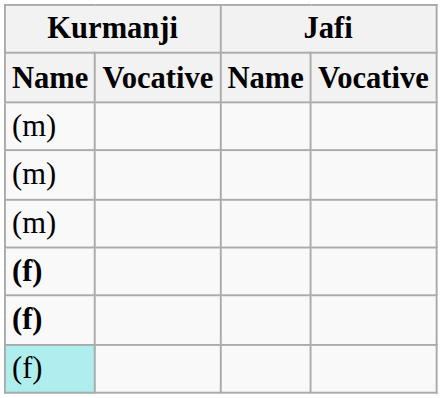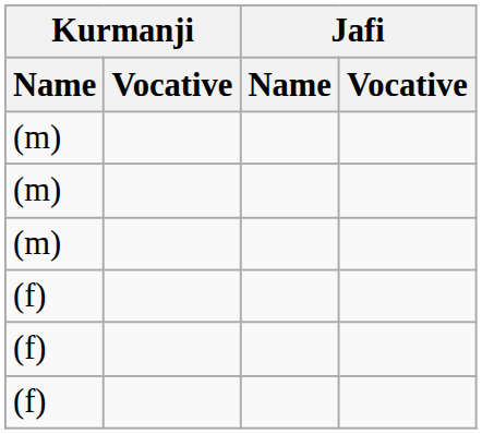 <table class="wikitable">
 <tr>
 <th colspan="2">Kurmanji</th>
 <th colspan="2">Jafi</th>
 </tr>
 <tr>
 <th>Name</th>
 <th>Vocative</th>
 <th>Name</th>
 <th>Vocative</th>
 </tr>
 <tr>
 <td> (m)</td>
 <td></td>
 <td></td>
 <td></td>
 </tr>
 <tr>
 <td> (m)</td>
 <td></td>
 <td></td>
 <td></td>
 </tr>
 <tr>
 <td> (m)</td>
 <td></td>
 <td></td>
 <td></td>
 </tr>
 <tr>
-<td><strong> (f)</strong></td>
+<td> (f)</td>
 <td></td>
 <td></td>
 <td></td>
 </tr>
 <tr>
-<td><strong> (f)</strong></td>
+<td> (f)</td>
 <td></td>
 <td></td>
 <td></td>
 </tr>
 <tr>
-<td style="background: paleturquoise;"> (f)</td>
+<td> (f)</td>
 <td></td>
 <td></td>
 <td></td>
 </tr>
 </table>
